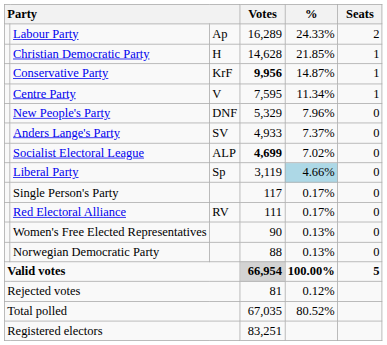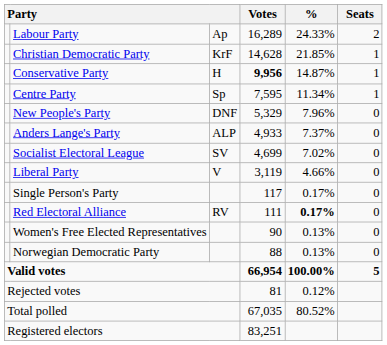 <table class="wikitable" border="1" style="text-align:right;">
 <tr>
 <th style="text-align:left;" colspan=3>Party</th>
 <th align=center width="50">Votes</th>
 <th align=center width="50">%</th>
 <th align=center width="50">Seats</th>
 </tr>
 <tr>
 <td style="color:inherit;background:"></td>
 <td align=left><a href='#'>Labour Party</a></td>
 <td align=left>Ap</td>
 <td>16,289</td>
 <td>24.33%</td>
 <td>2</td>
 </tr>
 <tr>
 <td style="color:inherit;background:"></td>
 <td align=left><a href='#'>Christian Democratic Party</a></td>
-<td align=left>H</td>
+<td align=left>KrF</td>
 <td>14,628</td>
 <td>21.85%</td>
 <td>1</td>
 </tr>
 <tr>
 <td style="color:inherit;background:"></td>
 <td align=left><a href='#'>Conservative Party</a></td>
-<td align=left>KrF</td>
+<td align=left>H</td>
 <td><strong>9,956</strong></td>
 <td>14.87%</td>
 <td>1</td>
 </tr>
 <tr>
 <td style="color:inherit;background:"></td>
 <td align=left><a href='#'>Centre Party</a></td>
-<td align=left>V</td>
+<td align=left>Sp</td>
 <td>7,595</td>
 <td>11.34%</td>
 <td>1</td>
 </tr>
 <tr>
 <td style="color:inherit;background:"></td>
 <td align=left><a href='#'>New People's Party</a></td>
 <td align=left>DNF</td>
 <td>5,329</td>
 <td>7.96%</td>
 <td>0</td>
 </tr>
 <tr>
 <td style="color:inherit;background:"></td>
 <td align=left><a href='#'>Anders Lange's Party</a></td>
-<td align=left>SV</td>
+<td align=left>ALP</td>
 <td>4,933</td>
 <td>7.37%</td>
 <td>0</td>
 </tr>
 <tr>
 <td style="color:inherit;background:"></td>
 <td align=left><a href='#'>Socialist Electoral League</a></td>
-<td align=left>ALP</td>
-<td><strong>4,699</strong></td>
+<td align=left>SV</td>
+<td>4,699</td>
 <td>7.02%</td>
 <td>0</td>
 </tr>
 <tr>
 <td style="color:inherit;background:"></td>
 <td align=left><a href='#'>Liberal Party</a></td>
-<td align=left>Sp</td>
+<td align=left>V</td>
 <td>3,119</td>
-<td style="background: lightblue;">4.66%</td>
+<td>4.66%</td>
 <td>0</td>
 </tr>
 <tr>
 <td></td>
 <td align=left>Single Person's Party</td>
 <td align=left></td>
 <td>117</td>
 <td>0.17%</td>
 <td>0</td>
 </tr>
 <tr>
 <td style="color:inherit;background:"></td>
 <td align=left><a href='#'>Red Electoral Alliance</a></td>
 <td align=left>RV</td>
 <td>111</td>
-<td>0.17%</td>
+<td><strong>0.17%</strong></td>
 <td>0</td>
 </tr>
 <tr>
 <td></td>
 <td align=left>Women's Free Elected Representatives</td>
 <td align=left></td>
 <td>90</td>
 <td>0.13%</td>
 <td>0</td>
 </tr>
 <tr>
 <td></td>
 <td align=left>Norwegian Democratic Party</td>
 <td align=left></td>
 <td>88</td>
 <td>0.13%</td>
 <td>0</td>
 </tr>
 <tr style="font-weight:bold">
 <td align=left colspan=3>Valid votes</td>
-<td style="background: lightgrey;">66,954</td>
+<td>66,954</td>
 <td>100.00%</td>
 <td>5</td>
 </tr>
 <tr>
 <td align=left colspan=3>Rejected votes</td>
 <td>81</td>
 <td>0.12%</td>
 <td></td>
 </tr>
 <tr>
 <td align=left colspan=3>Total polled</td>
 <td>67,035</td>
 <td>80.52%</td>
 <td></td>
 </tr>
 <tr>
 <td align=left colspan=3>Registered electors</td>
 <td>83,251</td>
 <td></td>
 <td></td>
 </tr>
 </table>
